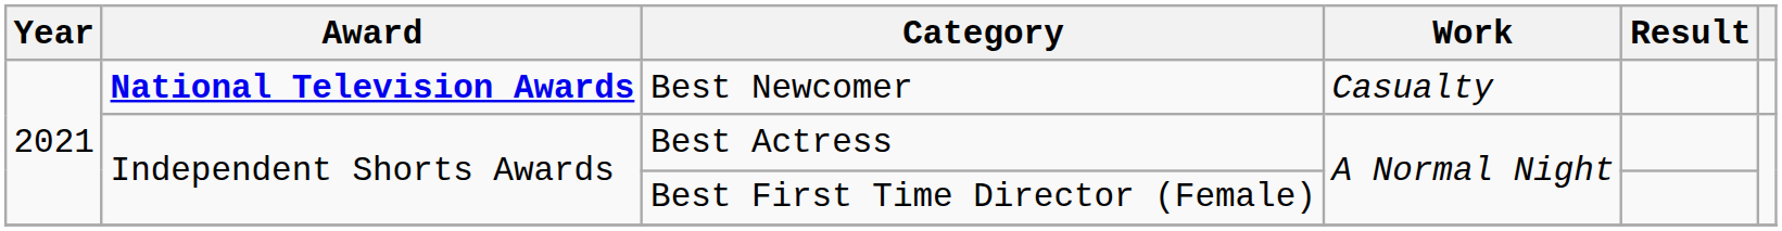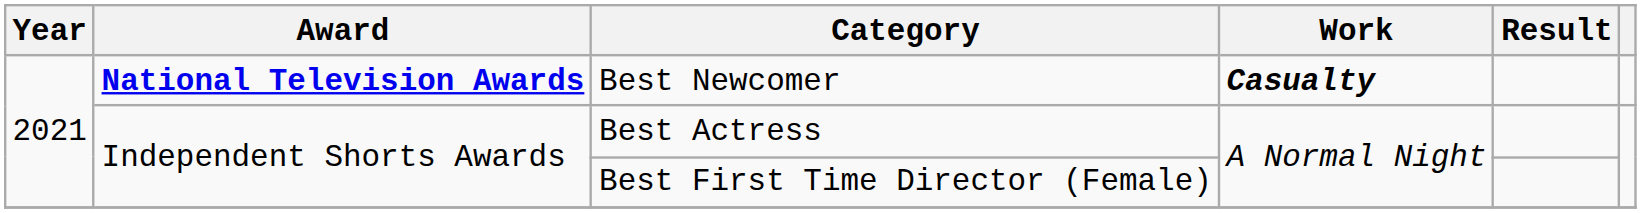 <table class="wikitable plainrowheaders">
 <tr>
 <th>Year</th>
 <th>Award</th>
 <th>Category</th>
 <th>Work</th>
 <th>Result</th>
 <th></th>
 </tr>
 <tr>
 <td rowspan="3">2021</td>
 <td><strong><a href='#'>National Television Awards</a></strong></td>
 <td>Best Newcomer</td>
-<td><em>Casualty</em></td>
+<td><strong><em>Casualty</em></strong></td>
 <td></td>
 <td></td>
 </tr>
 <tr>
 <td rowspan="2">Independent Shorts Awards</td>
 <td>Best Actress</td>
 <td rowspan="2"><em>A Normal Night</em></td>
 <td></td>
 <td rowspan="2"></td>
 </tr>
 <tr>
 <td>Best First Time Director (Female)</td>
 <td></td>
 </tr>
 <tr>
 </tr>
 </table>
